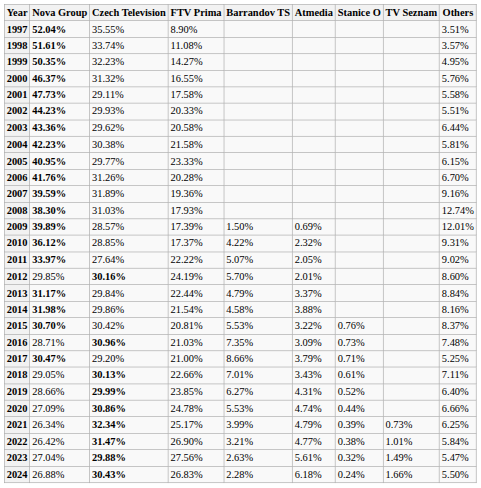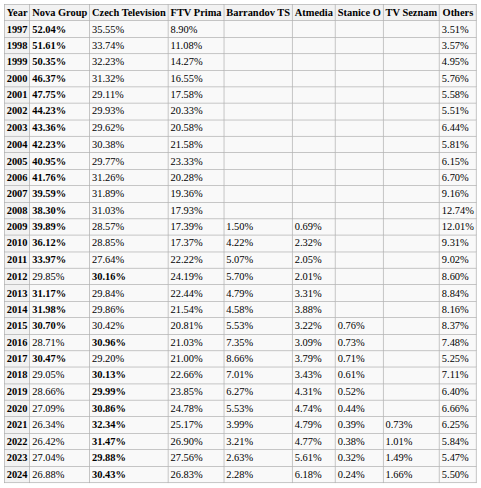 <table class="wikitable mw-collapsible mw-collapsed">
 <tr>
 <th>Year</th>
 <th>Nova Group</th>
 <th>Czech Television</th>
 <th>FTV Prima</th>
 <th>Barrandov TS</th>
 <th>Atmedia</th>
 <th>Stanice O</th>
 <th>TV Seznam</th>
 <th>Others</th>
 </tr>
 <tr>
 <th>1997</th>
 <td><strong>52.04%</strong></td>
 <td>35.55%</td>
 <td>8.90%</td>
 <td></td>
 <td></td>
 <td></td>
 <td></td>
 <td>3.51%</td>
 </tr>
 <tr>
 <th>1998</th>
 <td><strong>51.61%</strong></td>
 <td>33.74%</td>
 <td>11.08%</td>
 <td></td>
 <td></td>
 <td></td>
 <td></td>
 <td>3.57%</td>
 </tr>
 <tr>
 <th>1999</th>
 <td><strong>50.35%</strong></td>
 <td>32.23%</td>
 <td>14.27%</td>
 <td></td>
 <td></td>
 <td></td>
 <td></td>
 <td>4.95%</td>
 </tr>
 <tr>
 <th>2000</th>
 <td><strong>46.37%</strong></td>
 <td>31.32%</td>
 <td>16.55%</td>
 <td></td>
 <td></td>
 <td></td>
 <td></td>
 <td>5.76%</td>
 </tr>
 <tr>
 <th>2001</th>
-<td><strong>47.73%</strong></td>
+<td><strong>47.75%</strong></td>
 <td>29.11%</td>
 <td>17.58%</td>
 <td></td>
 <td></td>
 <td></td>
 <td></td>
 <td>5.58%</td>
 </tr>
 <tr>
 <th>2002</th>
 <td><strong>44.23%</strong></td>
 <td>29.93%</td>
 <td>20.33%</td>
 <td></td>
 <td></td>
 <td></td>
 <td></td>
 <td>5.51%</td>
 </tr>
 <tr>
 <th>2003</th>
 <td><strong>43.36%</strong></td>
 <td>29.62%</td>
 <td>20.58%</td>
 <td></td>
 <td></td>
 <td></td>
 <td></td>
 <td>6.44%</td>
 </tr>
 <tr>
 <th>2004</th>
 <td><strong>42.23%</strong></td>
 <td>30.38%</td>
 <td>21.58%</td>
 <td></td>
 <td></td>
 <td></td>
 <td></td>
 <td>5.81%</td>
 </tr>
 <tr>
 <th>2005</th>
 <td><strong>40.95%</strong></td>
 <td>29.77%</td>
 <td>23.33%</td>
 <td></td>
 <td></td>
 <td></td>
 <td></td>
 <td>6.15%</td>
 </tr>
 <tr>
 <th>2006</th>
 <td><strong>41.76%</strong></td>
 <td>31.26%</td>
 <td>20.28%</td>
 <td></td>
 <td></td>
 <td></td>
 <td></td>
 <td>6.70%</td>
 </tr>
 <tr>
 <th>2007</th>
 <td><strong>39.59%</strong></td>
 <td>31.89%</td>
 <td>19.36%</td>
 <td></td>
 <td></td>
 <td></td>
 <td></td>
 <td>9.16%</td>
 </tr>
 <tr>
 <th>2008</th>
 <td><strong>38.30%</strong></td>
 <td>31.03%</td>
 <td>17.93%</td>
 <td></td>
 <td></td>
 <td></td>
 <td></td>
 <td>12.74%</td>
 </tr>
 <tr>
 <th>2009</th>
 <td><strong>39.89%</strong></td>
 <td>28.57%</td>
 <td>17.39%</td>
 <td>1.50%</td>
 <td>0.69%</td>
 <td></td>
 <td></td>
 <td>12.01%</td>
 </tr>
 <tr>
 <th>2010</th>
 <td><strong>36.12%</strong></td>
 <td>28.85%</td>
 <td>17.37%</td>
 <td>4.22%</td>
 <td>2.32%</td>
 <td></td>
 <td></td>
 <td>9.31%</td>
 </tr>
 <tr>
 <th>2011</th>
 <td><strong>33.97%</strong></td>
 <td>27.64%</td>
 <td>22.22%</td>
 <td>5.07%</td>
 <td>2.05%</td>
 <td></td>
 <td></td>
 <td>9.02%</td>
 </tr>
 <tr>
 <th>2012</th>
 <td>29.85%</td>
 <td><strong>30.16%</strong></td>
 <td>24.19%</td>
 <td>5.70%</td>
 <td>2.01%</td>
 <td></td>
 <td></td>
 <td>8.60%</td>
 </tr>
 <tr>
 <th>2013</th>
 <td><strong>31.17%</strong></td>
 <td>29.84%</td>
 <td>22.44%</td>
 <td>4.79%</td>
-<td>3.37%</td>
+<td>3.31%</td>
 <td></td>
 <td></td>
 <td>8.84%</td>
 </tr>
 <tr>
 <th>2014</th>
 <td><strong>31.98%</strong></td>
 <td>29.86%</td>
 <td>21.54%</td>
 <td>4.58%</td>
 <td>3.88%</td>
 <td></td>
 <td></td>
 <td>8.16%</td>
 </tr>
 <tr>
 <th>2015</th>
 <td><strong>30.70%</strong></td>
 <td>30.42%</td>
 <td>20.81%</td>
 <td>5.53%</td>
 <td>3.22%</td>
 <td>0.76%</td>
 <td></td>
 <td>8.37%</td>
 </tr>
 <tr>
 <th>2016</th>
 <td>28.71%</td>
 <td><strong>30.96%</strong></td>
 <td>21.03%</td>
 <td>7.35%</td>
 <td>3.09%</td>
 <td>0.73%</td>
 <td></td>
 <td>7.48%</td>
 </tr>
 <tr>
 <th>2017</th>
 <td><strong>30.47%</strong></td>
 <td>29.20%</td>
 <td>21.00%</td>
 <td>8.66%</td>
 <td>3.79%</td>
 <td>0.71%</td>
 <td></td>
 <td>5.25%</td>
 </tr>
 <tr>
 <th>2018</th>
 <td>29.05%</td>
 <td><strong>30.13%</strong></td>
 <td>22.66%</td>
 <td>7.01%</td>
 <td>3.43%</td>
 <td>0.61%</td>
 <td></td>
 <td>7.11%</td>
 </tr>
 <tr>
 <th>2019</th>
 <td>28.66%</td>
 <td><strong>29.99%</strong></td>
 <td>23.85%</td>
 <td>6.27%</td>
 <td>4.31%</td>
 <td>0.52%</td>
 <td></td>
 <td>6.40%</td>
 </tr>
 <tr>
 <th>2020</th>
 <td>27.09%</td>
 <td><strong>30.86%</strong></td>
 <td>24.78%</td>
 <td>5.53%</td>
 <td>4.74%</td>
 <td>0.44%</td>
 <td></td>
 <td>6.66%</td>
 </tr>
 <tr>
 <th>2021</th>
 <td>26.34%</td>
 <td><strong>32.34%</strong></td>
 <td>25.17%</td>
 <td>3.99%</td>
 <td>4.79%</td>
 <td>0.39%</td>
 <td>0.73%</td>
 <td>6.25%</td>
 </tr>
 <tr>
 <th>2022</th>
 <td>26.42%</td>
 <td><strong>31.47%</strong></td>
 <td>26.90%</td>
 <td>3.21%</td>
 <td>4.77%</td>
 <td>0.38%</td>
 <td>1.01%</td>
 <td>5.84%</td>
 </tr>
 <tr>
 <th>2023</th>
 <td>27.04%</td>
 <td><strong>29.88%</strong></td>
 <td>27.56%</td>
 <td>2.63%</td>
 <td>5.61%</td>
 <td>0.32%</td>
 <td>1.49%</td>
 <td>5.47%</td>
 </tr>
 <tr>
 <th>2024</th>
 <td>26.88%</td>
 <td><strong>30.43%</strong></td>
 <td>26.83%</td>
 <td>2.28%</td>
 <td>6.18%</td>
 <td>0.24%</td>
 <td>1.66%</td>
 <td>5.50%</td>
 </tr>
 </table>
